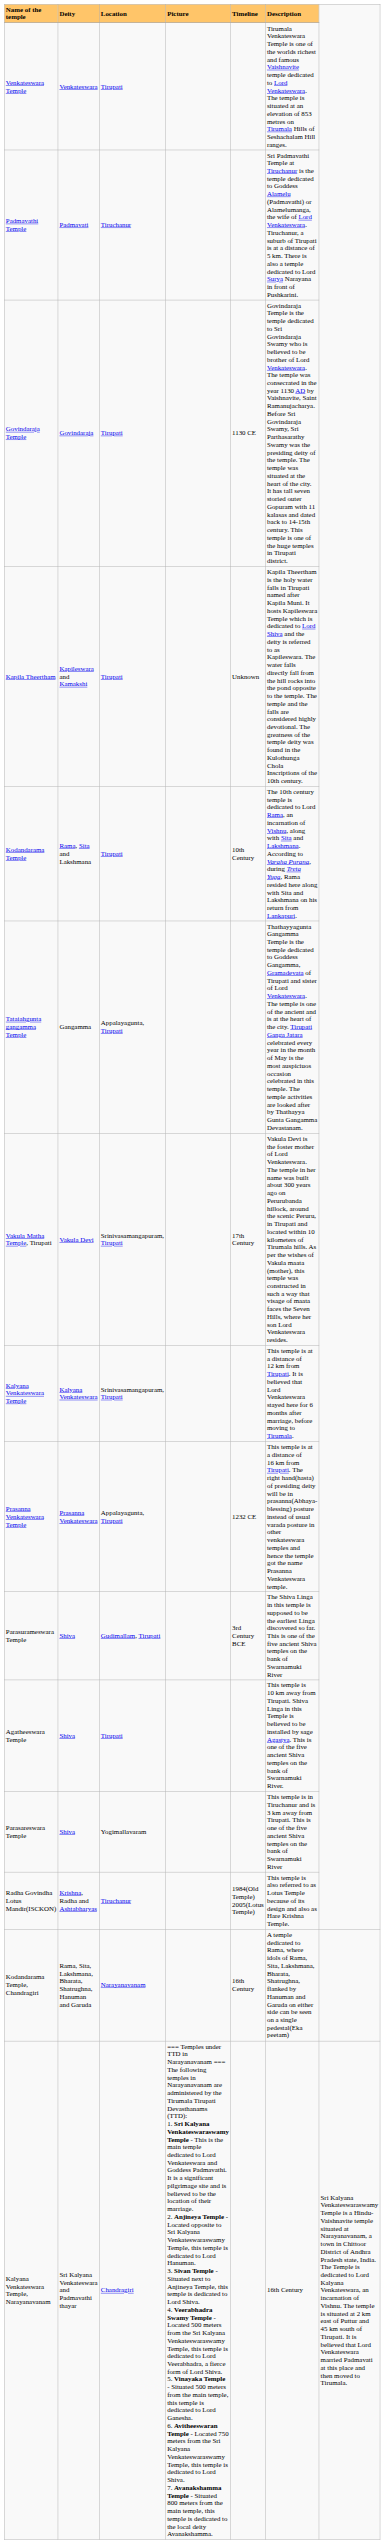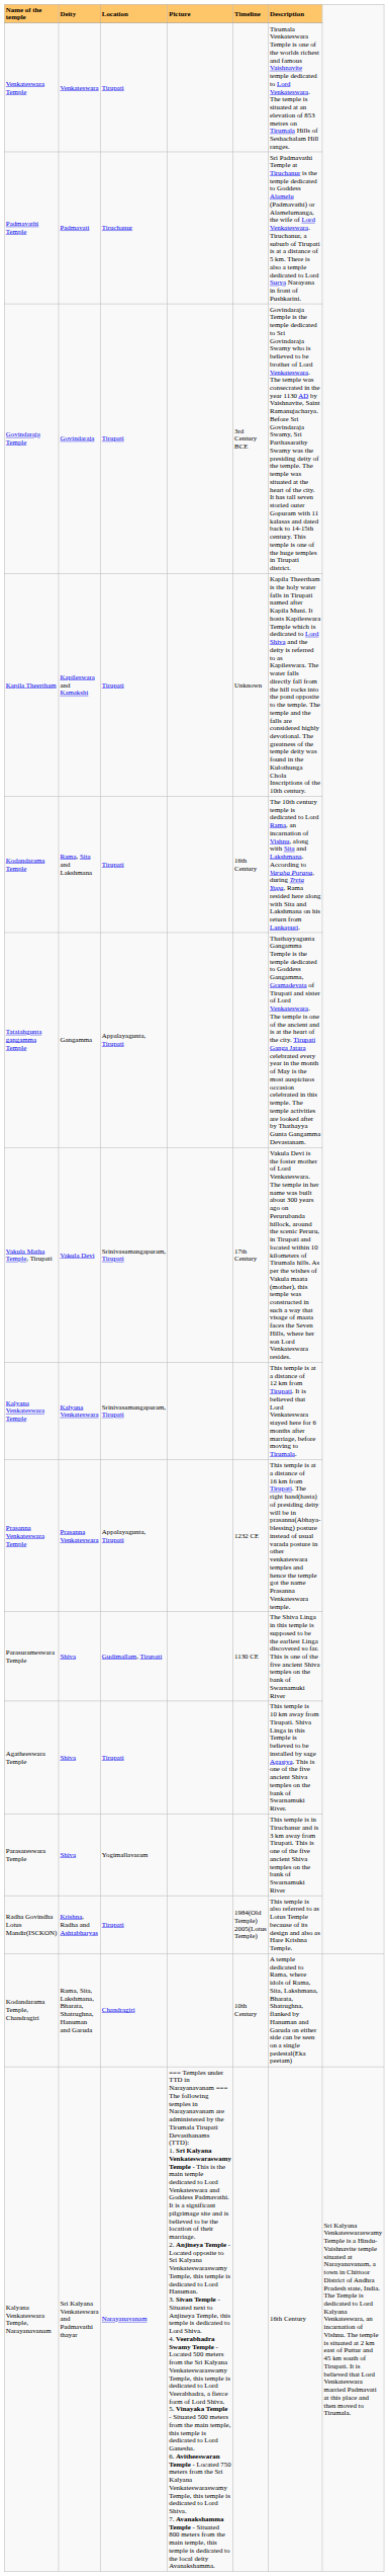 <table class="wikitable sortable">
 <tr style="background:#FFC569">
 <td width="180pt"><strong>Name of the temple</strong></td>
 <td width="100pt"><strong>Deity</strong></td>
 <td><strong>Location</strong></td>
 <td width="100pt"><strong>Picture</strong></td>
 <td width="140pt"><strong>Timeline</strong></td>
 <td width="500pt"><strong>Description</strong></td>
 </tr>
 <tr align ="center">
 </tr>
 <tr style="background:#ffe;">
 </tr>
 <tr>
 <td><a href='#'>Venkateswara Temple</a></td>
 <td><a href='#'>Venkateswara</a></td>
 <td><a href='#'>Tirupati</a></td>
 <td></td>
 <td></td>
 <td>Tirumala Venkateswara Temple is one of the worlds richest and famous <a href='#'>Vaishnavite</a> temple dedicated to <a href='#'>Lord Venkateswara</a>. The temple is situated at an elevation of 853 metres on <a href='#'>Tirumala</a> Hills of Seshachalam Hill ranges.</td>
 </tr>
 <tr>
 <td><a href='#'>Padmavathi Temple</a></td>
 <td><a href='#'>Padmavati</a></td>
 <td><a href='#'>Tiruchanur</a></td>
 <td></td>
 <td></td>
 <td>Sri Padmavathi Temple at <a href='#'>Tiruchanur</a> is the temple dedicated to Goddess <a href='#'>Alamelu</a> (Padmavathi) or Alamelumanga, the wife of <a href='#'>Lord Venkateswara</a>. Tiruchanur, a suburb of Tirupati is at a distance of 5 km. There is also a temple dedicated to Lord <a href='#'>Surya</a> Narayana in front of Pushkarini.</td>
 </tr>
 <tr>
 <td><a href='#'>Govindaraja Temple</a></td>
 <td><a href='#'>Govindaraja</a></td>
 <td><a href='#'>Tirupati</a></td>
 <td></td>
-<td>1130 CE</td>
+<td>3rd Century BCE</td>
 <td>Govindaraja Temple is the temple dedicated to Sri Govindaraja Swamy who is believed to be brother of Lord <a href='#'>Venkateswara</a>. The temple was consecrated in the year 1130 <a href='#'>AD</a> by Vaishnavite, Saint Ramanujacharya. Before Sri Govindaraja Swamy, Sri Parthasarathy Swamy was the presiding deity of the temple. The temple was situated at the heart of the city. It has tall seven storied outer Gopuram with 11 kalasas and dated back to 14-15th century. This temple is one of the huge temples in Tirupati district.</td>
 </tr>
 <tr>
 <td><a href='#'>Kapila Theertham</a></td>
 <td><a href='#'>Kapileswara</a> and <a href='#'>Kamakshi</a></td>
 <td><a href='#'>Tirupati</a></td>
 <td></td>
 <td>Unknown</td>
 <td>Kapila Theertham is the holy water falls in Tirupati named after Kapila Muni. It hosts Kapileswara Temple which is dedicated to <a href='#'>Lord Shiva</a> and the deity is referred to as Kapileswara. The water falls directly fall from the hill rocks into the pond opposite to the temple. The temple and the falls are considered highly devotional. The greatness of the temple deity was found in the Kulothunga Chola Inscriptions of the 10th century.</td>
 </tr>
 <tr>
 <td><a href='#'>Kodandarama Temple</a></td>
 <td><a href='#'>Rama</a>, <a href='#'>Sita</a> and Lakshmana</td>
 <td><a href='#'>Tirupati</a></td>
 <td></td>
-<td>10th Century</td>
+<td>16th Century</td>
 <td>The 10th century temple is dedicated to Lord <a href='#'>Rama</a>, an incarnation of <a href='#'>Vishnu</a>, along with <a href='#'>Sita</a> and <a href='#'>Lakshmana</a>. According to <em><a href='#'>Varaha Purana</a></em>, during <em><a href='#'>Treta Yuga</a></em>, Rama resided here along with Sita and Lakshmana on his return from <a href='#'>Lankapuri</a>.</td>
 </tr>
 <tr>
 <td><a href='#'>Tataiahgunta gangamma Temple</a></td>
 <td>Gangamma</td>
 <td>Appalayagunta, <a href='#'>Tirupati</a></td>
 <td></td>
 <td></td>
 <td>Thathayyagunta Gangamma Temple is the temple dedicated to Goddess Gangamma, <a href='#'>Gramadevata</a> of Tirupati and sister of Lord <a href='#'>Venkateswara</a>. The temple is one of the ancient and is at the heart of the city. <a href='#'>Tirupati Ganga Jatara</a> celebrated every year in the month of May is the most auspiciuos occasion celebrated in this temple. The temple activities are looked after by Thathayya Gunta Gangamma Devastanam.</td>
 </tr>
 <tr>
 <td><a href='#'>Vakula Matha Temple</a>, Tirupati</td>
 <td><a href='#'>Vakula Devi</a></td>
 <td>Srinivasamangapuram, <a href='#'>Tirupati</a></td>
 <td></td>
 <td>17th Century</td>
 <td>Vakula Devi is the foster mother of Lord Venkateswara. The temple in her name was built about 300 years ago on Perurubanda hillock, around the scenic Peruru, in Tirupati and located within 10 kilometers of Tirumala hills. As per the wishes of Vakula maata (mother), this temple was constructed in such a way that visage of maata faces the Seven Hills, where her son Lord Venkateswara resides.</td>
 </tr>
 <tr>
 <td><a href='#'>Kalyana Venkateswara Temple</a></td>
 <td><a href='#'>Kalyana Venkateswara</a></td>
 <td>Srinivasamangapuram, <a href='#'>Tirupati</a></td>
 <td></td>
 <td></td>
 <td>This temple is at a distance of 12 km from <a href='#'>Tirupati</a>. It is believed that Lord Venkateswara stayed here for 6 months after marriage, before moving to <a href='#'>Tirumala</a>.</td>
 </tr>
 <tr>
 <td><a href='#'>Prasanna Venkateswara Temple</a></td>
 <td><a href='#'>Prasanna Venkateswara</a></td>
 <td>Appalayagunta, <a href='#'>Tirupati</a></td>
 <td></td>
 <td>1232 CE</td>
 <td>This temple is at a distance of 16 km from <a href='#'>Tirupati</a>. The right hand(hasta) of presiding deity will be in prasanna(Abhaya-blessing) posture instead of usual varada posture in other venkateswara temples and hence the temple got the name Prasanna Venkateswara temple.</td>
 </tr>
 <tr>
 <td>Parasurameswara Temple</td>
 <td><a href='#'>Shiva</a></td>
 <td><a href='#'>Gudimallam</a>, <a href='#'>Tirupati</a></td>
 <td></td>
-<td>3rd Century BCE</td>
+<td>1130 CE</td>
 <td>The Shiva Linga in this temple is supposed to be the earliest Linga discovered so far. This is one of the five ancient Shiva temples on the bank of Swarnamuki River</td>
 </tr>
 <tr>
 <td>Agatheeswara Temple</td>
 <td><a href='#'>Shiva</a></td>
 <td><a href='#'>Tirupati</a></td>
 <td></td>
 <td></td>
 <td>This temple is 10 km away from Tirupati. Shiva Linga in this Temple is believed to be installed by sage <a href='#'>Agastya</a>. This is one of the five ancient Shiva temples on the bank of Swarnamuki River.</td>
 </tr>
 <tr>
 <td>Parasareswara Temple</td>
 <td><a href='#'>Shiva</a></td>
 <td>Yogimallavaram</td>
 <td></td>
 <td></td>
 <td>This temple is in Tiruchanur and is 3 km away from Tirupati. This is one of the five ancient Shiva temples on the bank of Swarnamuki River</td>
 </tr>
 <tr>
 <td>Radha Govindha Lotus Mandir(ISCKON)</td>
 <td><a href='#'>Krishna</a>, Radha and <a href='#'>Ashtabharyas</a></td>
-<td><a href='#'>Tiruchanur</a></td>
+<td><a href='#'>Tirupati</a></td>
 <td></td>
 <td>1984(Old Temple)<br>2005(Lotus Temple)</td>
 <td>This temple is also referred to as Lotus Temple because of its design and also as Hare Krishna Temple.</td>
 </tr>
 <tr>
 <td>Kodandarama Temple, Chandragiri</td>
 <td>Rama, Sita, Lakshmana, Bharata, Shatrughna, Hanuman and Garuda</td>
-<td><a href='#'>Narayanavanam</a></td>
+<td><a href='#'>Chandragiri</a></td>
 <td></td>
-<td>16th Century</td>
+<td>10th Century</td>
 <td>A temple dedicated to Rama, where idols of Rama, Sita, Lakshmana, Bharata, Shatrughna, flanked by Hanuman and Garuda on either side can be seen on a single pedestal(Eka peetam)</td>
 <td></td>
 </tr>
 <tr>
 <td>Kalyana Venkateswara Temple, Narayanavanam</td>
 <td>Sri Kalyana Venkateswara and Padmavathi thayar</td>
-<td><a href='#'>Chandragiri</a></td>
+<td><a href='#'>Narayanavanam</a></td>
 <td>=== Temples under TTD in Narayanavanam ===<br>The following temples in Narayanavanam are administered by the Tirumala Tirupati Devasthanams (TTD):<br>1. <strong>Sri Kalyana Venkateswaraswamy Temple</strong> - This is the main temple dedicated to Lord Venkateswara and Goddess Padmavathi. It is a significant pilgrimage site and is believed to be the location of their marriage.<br>2. <strong>Anjineya Temple</strong> - Located opposite to Sri Kalyana Venkateswaraswamy Temple, this temple is dedicated to Lord Hanuman.<br>3. <strong>Sivan Temple</strong> - Situated next to Anjineya Temple, this temple is dedicated to Lord Shiva.<br>4. <strong>Veerabhadra Swamy Temple</strong> - Located 500 meters from the Sri Kalyana Venkateswaraswamy Temple, this temple is dedicated to Lord Veerabhadra, a fierce form of Lord Shiva.<br>5. <strong>Vinayaka Temple</strong> - Situated 500 meters from the main temple, this temple is dedicated to Lord Ganesha.<br>6. <strong>Avitheeswaran Temple</strong> - Located 750 meters from the Sri Kalyana Venkateswaraswamy Temple, this temple is dedicated to Lord Shiva.<br>7. <strong>Avanakshamma Temple</strong> - Situated 800 meters from the main temple, this temple is dedicated to the local deity Avanakshamma.</td>
 <td></td>
 <td>16th Century</td>
 <td>Sri Kalyana Venkateswaraswamy Temple is a Hindu-Vaishnavite temple situated at Narayanavanam, a town in Chittoor District of Andhra Pradesh state, India. The Temple is dedicated to Lord Kalyana Venkateswara, an incarnation of Vishnu. The temple is situated at 2 km east of Puttur and 45 km south of Tirupati. It is believed that Lord Venkateswara married Padmavati at this place and then moved to Tirumala.</td>
 </tr>
 </table>
